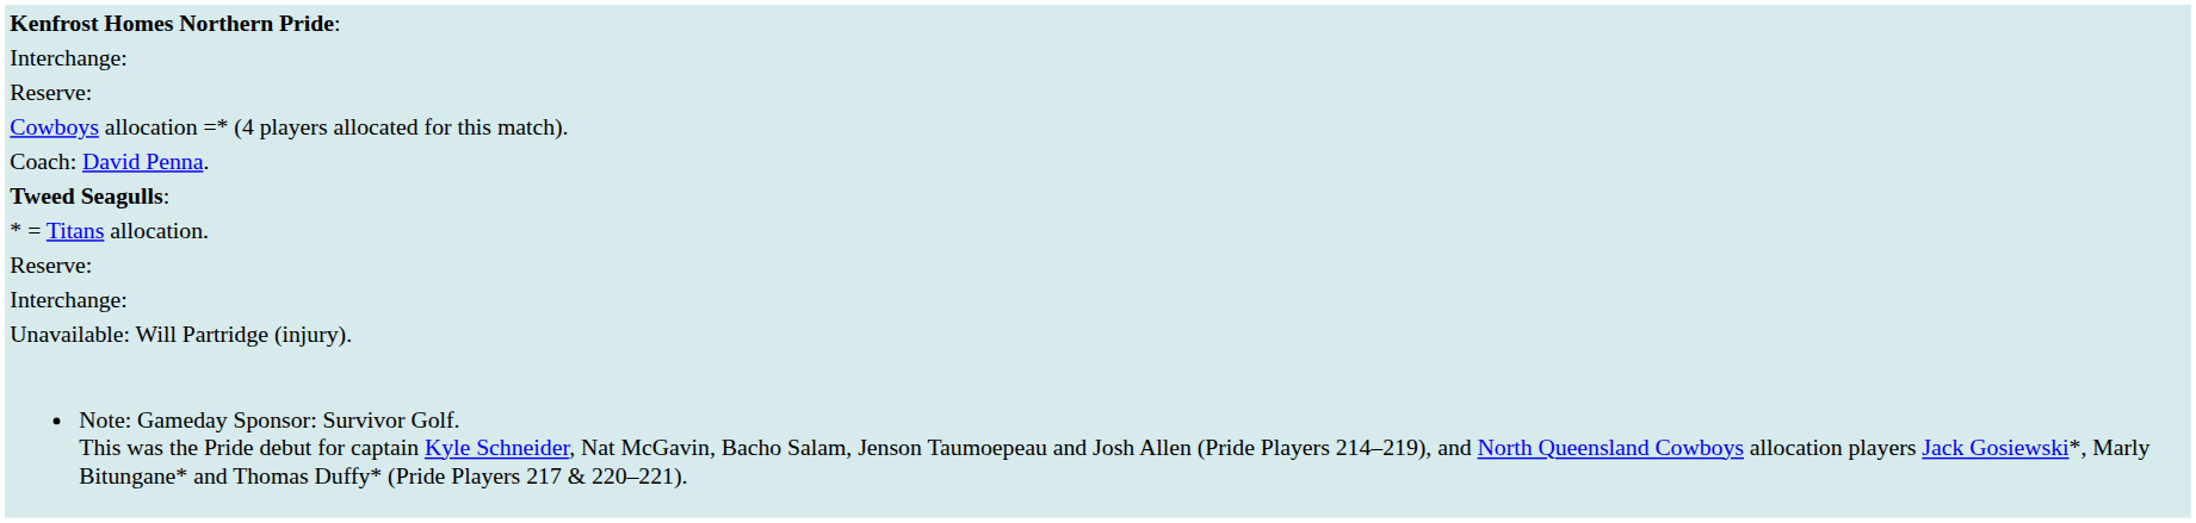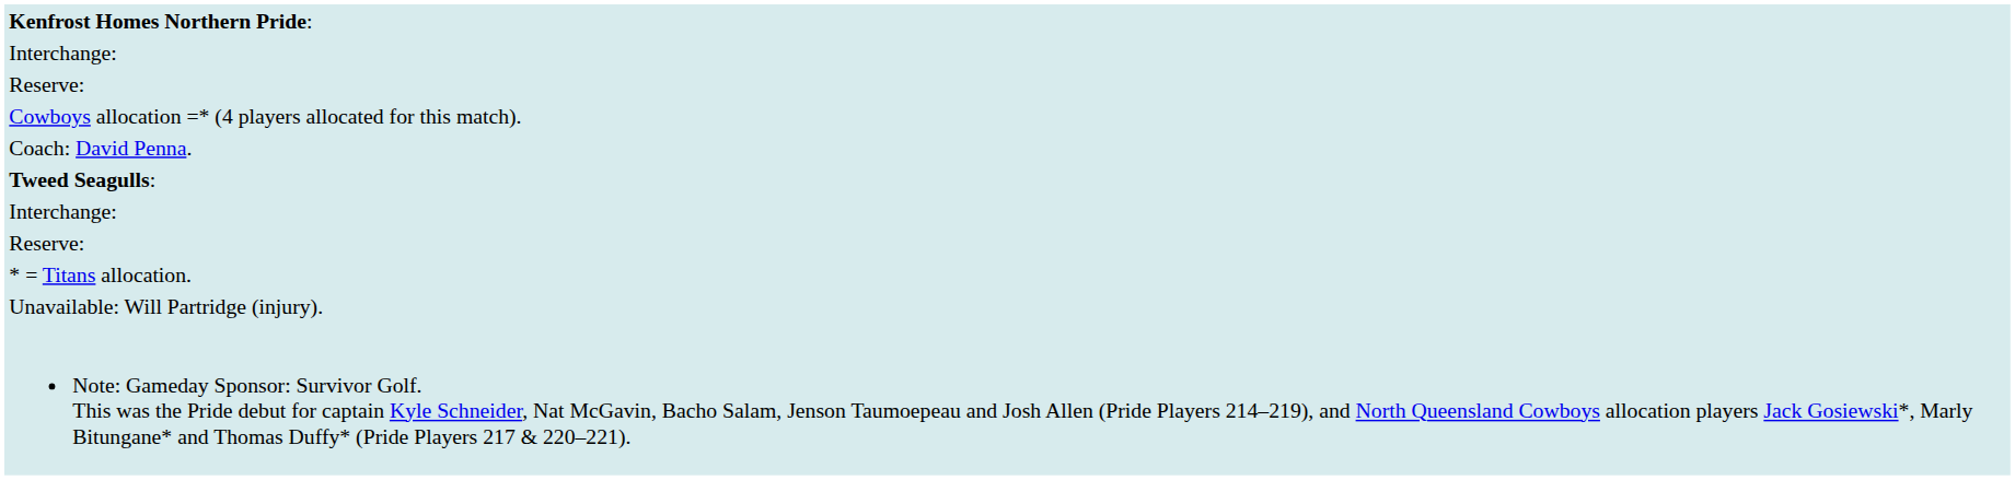 <table style="background:#d7ebed; font-size:85%; width:100%;">
 <tr>
 <td><strong>Kenfrost Homes Northern Pride</strong>:             </td>
 </tr>
 <tr>
 <td>Interchange:    </td>
 </tr>
 <tr>
 <td>Reserve: </td>
 </tr>
 <tr>
 <td><a href='#'>Cowboys</a> allocation =* (4 players allocated for this match).</td>
 </tr>
 <tr>
 <td>Coach: <a href='#'>David Penna</a>.</td>
 </tr>
 <tr>
 <td><strong>Tweed Seagulls</strong>:             </td>
 </tr>
 <tr>
-<td>* = <a href='#'>Titans</a> allocation.</td>
+<td>Interchange:    </td>
 </tr>
 <tr>
 <td>Reserve: </td>
 </tr>
 <tr>
-<td>Interchange:    </td>
+<td>* = <a href='#'>Titans</a> allocation.</td>
 </tr>
 <tr>
 <td>Unavailable: Will Partridge (injury).</td>
 </tr>
 <tr>
 <td><br><ul><li>Note: Gameday Sponsor: Survivor Golf.<br>This was the Pride debut for captain <a href='#'>Kyle Schneider</a>, Nat McGavin, Bacho Salam, Jenson Taumoepeau and Josh Allen (Pride Players 214–219), and <a href='#'>North Queensland Cowboys</a> allocation players <a href='#'>Jack Gosiewski</a>*, Marly Bitungane* and Thomas Duffy* (Pride Players 217 & 220–221).</li></ul></td>
 </tr>
 </table>
